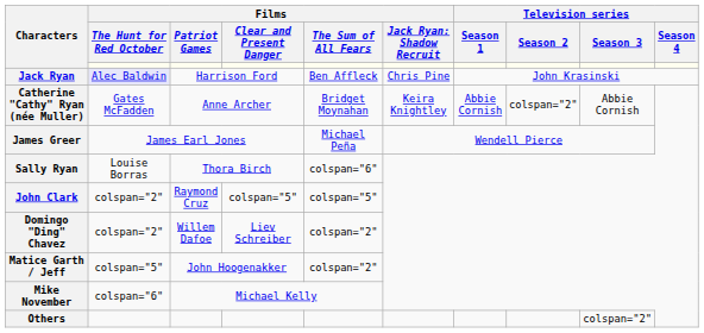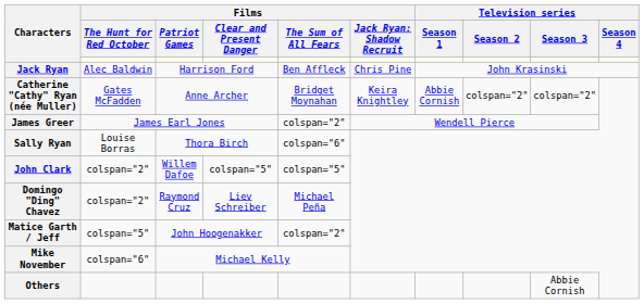 <table class="wikitable mw-collapsible" style="text-align:center">
 <tr>
 <th rowspan="3">Characters</th>
 <th colspan="5">Films</th>
 <th colspan="4"><a href='#'>Television series</a></th>
 </tr>
 <tr>
 <th><a href='#'><em>The Hunt for Red October</em></a></th>
 <th><a href='#'><em>Patriot Games</em></a></th>
 <th><a href='#'><em>Clear and Present Danger</em></a></th>
 <th><a href='#'><em>The Sum of All Fears</em></a></th>
 <th><em><a href='#'>Jack Ryan: Shadow Recruit</a></em></th>
 <th><a href='#'>Season 1</a></th>
 <th><a href='#'>Season 2</a></th>
 <th><a href='#'>Season 3</a></th>
 <th><a href='#'>Season 4</a></th>
 </tr>
 <tr style="background-color:ivory;">
 <td></td>
 <td></td>
 <td></td>
 <td></td>
 <td></td>
 <td></td>
 <td></td>
 <td></td>
 <td></td>
 </tr>
 <tr>
 <th><a href='#'>Jack Ryan</a></th>
-<td style="background: lavender;"><a href='#'>Alec Baldwin</a></td>
+<td><a href='#'>Alec Baldwin</a></td>
 <td colspan="2"><a href='#'>Harrison Ford</a></td>
 <td><a href='#'>Ben Affleck</a></td>
 <td><a href='#'>Chris Pine</a></td>
 <td colspan="4"><a href='#'>John Krasinski</a></td>
 </tr>
 <tr>
 <th>Catherine "Cathy" Ryan (née Muller)</th>
 <td><a href='#'>Gates McFadden</a></td>
 <td colspan="2"><a href='#'>Anne Archer</a></td>
 <td><a href='#'>Bridget Moynahan</a></td>
 <td><a href='#'>Keira Knightley</a></td>
 <td><a href='#'>Abbie Cornish</a></td>
 <td>colspan="2" </td>
-<td>Abbie Cornish</td>
+<td>colspan="2" </td>
 </tr>
 <tr>
 <th>James Greer</th>
 <td colspan="3"><a href='#'>James Earl Jones</a></td>
-<td><a href='#'>Michael Peña</a></td>
+<td>colspan="2" </td>
 <td colspan="4"><a href='#'>Wendell Pierce</a></td>
 </tr>
 <tr>
 <th>Sally Ryan</th>
 <td>Louise Borras</td>
 <td colspan="2"><a href='#'>Thora Birch</a></td>
 <td>colspan="6" </td>
 </tr>
 <tr>
 <th><a href='#'>John Clark</a></th>
 <td>colspan="2" </td>
-<td><a href='#'>Raymond Cruz</a></td>
+<td><a href='#'>Willem Dafoe</a></td>
 <td>colspan="5" </td>
 <td>colspan="5" </td>
 </tr>
 <tr>
 <th>Domingo "Ding" Chavez</th>
 <td>colspan="2" </td>
-<td><a href='#'>Willem Dafoe</a></td>
+<td><a href='#'>Raymond Cruz</a></td>
 <td><a href='#'>Liev Schreiber</a></td>
-<td>colspan="2" </td>
+<td><a href='#'>Michael Peña</a></td>
 </tr>
 <tr>
 <th>Matice Garth / Jeff</th>
 <td>colspan="5" </td>
 <td colspan="2"><a href='#'>John Hoogenakker</a></td>
 <td>colspan="2" </td>
 </tr>
 <tr>
 <th>Mike November</th>
 <td>colspan="6" </td>
 <td colspan="3"><a href='#'>Michael Kelly</a></td>
 </tr>
 <tr>
 <th>Others</th>
 <td></td>
 <td></td>
 <td></td>
 <td></td>
 <td></td>
 <td></td>
 <td></td>
-<td>colspan="2" </td>
+<td>Abbie Cornish</td>
 </tr>
 </table>
